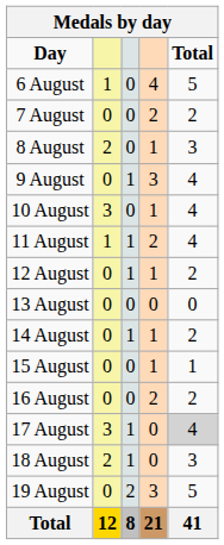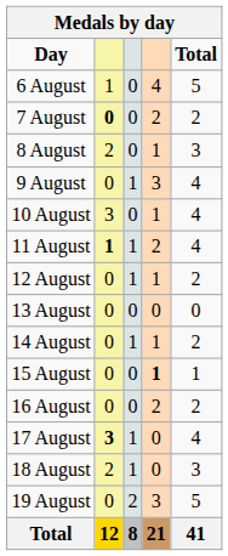 <table class="wikitable" style="font-size:95%; float:right">
 <tr align=center>
 <th colspan=7>Medals by day</th>
 </tr>
 <tr align=center>
 <td><strong>Day</strong></td>
 <td style="background:#f7f6a8;"></td>
 <td style="background:#dce5e5;"></td>
 <td style="background:#ffdab9;"></td>
 <td><strong>Total</strong></td>
 </tr>
 <tr align=center>
 <td>6 August</td>
 <td style="background:#f7f6a8;">1</td>
 <td style="background:#dce5e5;">0</td>
 <td style="background:#ffdab9;">4</td>
 <td>5</td>
 </tr>
 <tr align=center>
 <td>7 August</td>
-<td style="background:#f7f6a8;">0</td>
+<td style="background:#f7f6a8;"><strong>0</strong></td>
 <td style="background:#dce5e5;">0</td>
 <td style="background:#ffdab9;">2</td>
 <td>2</td>
 </tr>
 <tr align=center>
 <td>8 August</td>
 <td style="background:#f7f6a8;">2</td>
 <td style="background:#dce5e5;">0</td>
 <td style="background:#ffdab9;">1</td>
 <td>3</td>
 </tr>
 <tr align=center>
 <td>9 August</td>
 <td style="background:#f7f6a8;">0</td>
 <td style="background:#dce5e5;">1</td>
 <td style="background:#ffdab9;">3</td>
 <td>4</td>
 </tr>
 <tr align=center>
 <td>10 August</td>
 <td style="background:#f7f6a8;">3</td>
 <td style="background:#dce5e5;">0</td>
 <td style="background:#ffdab9;">1</td>
 <td>4</td>
 </tr>
 <tr align=center>
 <td>11 August</td>
-<td style="background:#f7f6a8;">1</td>
+<td style="background:#f7f6a8;"><strong>1</strong></td>
 <td style="background:#dce5e5;">1</td>
 <td style="background:#ffdab9;">2</td>
 <td>4</td>
 </tr>
 <tr align=center>
 <td>12 August</td>
 <td style="background:#f7f6a8;">0</td>
 <td style="background:#dce5e5;">1</td>
 <td style="background:#ffdab9;">1</td>
 <td>2</td>
 </tr>
 <tr align=center>
 <td>13 August</td>
 <td style="background:#f7f6a8;">0</td>
 <td style="background:#dce5e5;">0</td>
 <td style="background:#ffdab9;">0</td>
 <td>0</td>
 </tr>
 <tr align=center>
 <td>14 August</td>
 <td style="background:#f7f6a8;">0</td>
 <td style="background:#dce5e5;">1</td>
 <td style="background:#ffdab9;">1</td>
 <td>2</td>
 </tr>
 <tr align=center>
 <td>15 August</td>
 <td style="background:#f7f6a8;">0</td>
 <td style="background:#dce5e5;">0</td>
-<td style="background:#ffdab9;">1</td>
+<td style="background:#ffdab9;"><strong>1</strong></td>
 <td>1</td>
 </tr>
 <tr align=center>
 <td>16 August</td>
 <td style="background:#f7f6a8;">0</td>
 <td style="background:#dce5e5;">0</td>
 <td style="background:#ffdab9;">2</td>
 <td>2</td>
 </tr>
 <tr align=center>
 <td>17 August</td>
-<td style="background:#f7f6a8;">3</td>
+<td style="background:#f7f6a8;"><strong>3</strong></td>
 <td style="background:#dce5e5;">1</td>
 <td style="background:#ffdab9;">0</td>
-<td style="background: lightgrey;">4</td>
+<td>4</td>
 </tr>
 <tr align=center>
 <td>18 August</td>
 <td style="background:#f7f6a8;">2</td>
 <td style="background:#dce5e5;">1</td>
 <td style="background:#ffdab9;">0</td>
 <td>3</td>
 </tr>
 <tr align=center>
 <td>19 August</td>
 <td style="background:#f7f6a8;">0</td>
 <td style="background:#dce5e5;">2</td>
 <td style="background:#ffdab9;">3</td>
 <td>5</td>
 </tr>
 <tr align=center>
 <th>Total</th>
 <th style="background:gold;">12</th>
 <th style="background:silver;">8</th>
 <th style="background:#c96;">21</th>
 <th>41</th>
 </tr>
 </table>
